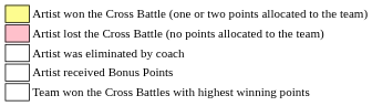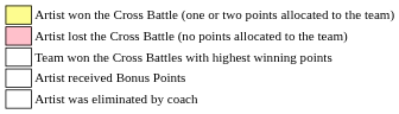 <table class="toccolours" style="font-size: 90%; white-space: nowrap;”">
 <tr>
 <td style="background:#fdfc8f; border:1px solid black;">       </td>
 <td>Artist won the Cross Battle (one or two points allocated to the team)</td>
 </tr>
 <tr>
 <td style="background:pink; border:1px solid black;">       </td>
 <td>Artist lost the Cross Battle (no points allocated to the team)</td>
 </tr>
 <tr>
-<td style="background:white; border:1px solid black;">  <strong></strong>  </td>
-<td>Artist was eliminated by coach</td>
+<td style="background:white; border:1px solid black;"> </td>
+<td>Team won the Cross Battles with highest winning points</td>
 </tr>
 <tr>
 <td style="background:white; border:1px solid black;">  <strong></strong>  </td>
 <td>Artist received Bonus Points</td>
 </tr>
 <tr>
-<td style="background:white; border:1px solid black;"> </td>
-<td>Team won the Cross Battles with highest winning points</td>
+<td style="background:white; border:1px solid black;">  <strong></strong>  </td>
+<td>Artist was eliminated by coach</td>
 </tr>
 <tr>
 </tr>
 </table>
